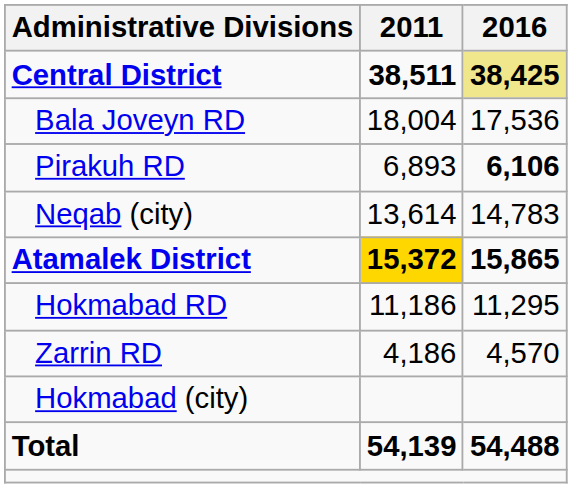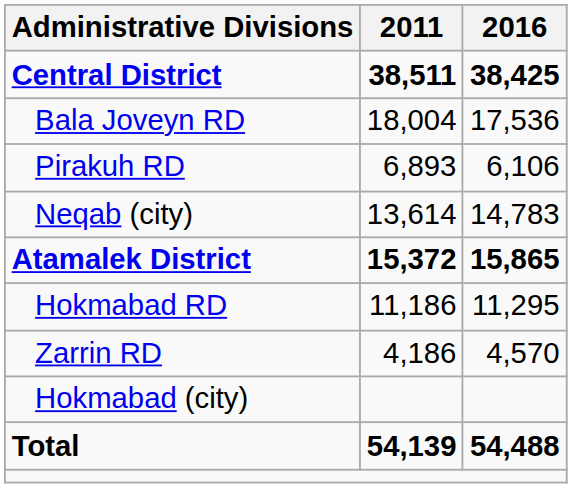 <table class="wikitable">
 <tr>
 <th>Administrative Divisions</th>
 <th>2011</th>
 <th>2016</th>
 </tr>
 <tr>
 <td><strong><a href='#'>Central District</a></strong></td>
 <td style="text-align: right;"><strong>38,511</strong></td>
-<td style="background: khaki; text-align: right;"><strong>38,425</strong></td>
+<td style="text-align: right;"><strong>38,425</strong></td>
 </tr>
 <tr>
 <td style="padding-left: 1em;"><a href='#'>Bala Joveyn RD</a></td>
 <td style="text-align: right;">18,004</td>
 <td style="text-align: right;">17,536</td>
 </tr>
 <tr>
 <td style="padding-left: 1em;"><a href='#'>Pirakuh RD</a></td>
 <td style="text-align: right;">6,893</td>
-<td style="text-align: right;"><strong>6,106</strong></td>
+<td style="text-align: right;">6,106</td>
 </tr>
 <tr>
 <td style="padding-left: 1em;"><a href='#'>Neqab</a> (city)</td>
 <td style="text-align: right;">13,614</td>
 <td style="text-align: right;">14,783</td>
 </tr>
 <tr>
 <td><strong><a href='#'>Atamalek District</a></strong></td>
-<td style="background: gold; text-align: right;"><strong>15,372</strong></td>
+<td style="text-align: right;"><strong>15,372</strong></td>
 <td style="text-align: right;"><strong>15,865</strong></td>
 </tr>
 <tr>
 <td style="padding-left: 1em;"><a href='#'>Hokmabad RD</a></td>
 <td style="text-align: right;">11,186</td>
 <td style="text-align: right;">11,295</td>
 </tr>
 <tr>
 <td style="padding-left: 1em;"><a href='#'>Zarrin RD</a></td>
 <td style="text-align: right;">4,186</td>
 <td style="text-align: right;">4,570</td>
 </tr>
 <tr>
 <td style="padding-left: 1em;"><a href='#'>Hokmabad</a> (city)</td>
 <td style="text-align: right;"></td>
 <td style="text-align: right;"></td>
 </tr>
 <tr>
 <td><strong>Total</strong></td>
 <td style="text-align: right;"><strong>54,139</strong></td>
 <td style="text-align: right;"><strong>54,488</strong></td>
 </tr>
 <tr>
 <td colspan=4></td>
 </tr>
 </table>
